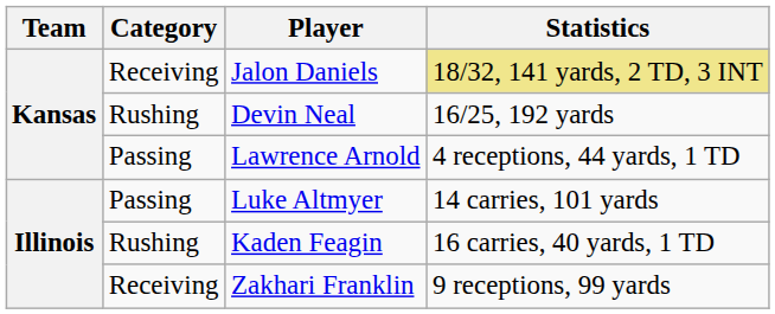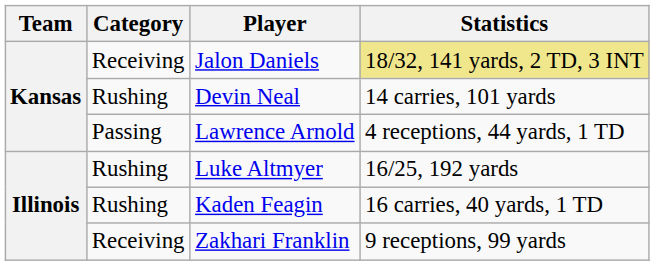 <table class="wikitable" style="float:right">
 <tr>
 <th>Team</th>
 <th>Category</th>
 <th>Player</th>
 <th>Statistics</th>
 </tr>
 <tr>
 <th rowspan=3>Kansas</th>
 <td>Receiving</td>
 <td><a href='#'>Jalon Daniels</a></td>
 <td style="background: khaki;">18/32, 141 yards, 2 TD, 3 INT</td>
 </tr>
 <tr>
 <td>Rushing</td>
 <td><a href='#'>Devin Neal</a></td>
-<td>16/25, 192 yards</td>
+<td>14 carries, 101 yards</td>
 </tr>
 <tr>
 <td>Passing</td>
 <td><a href='#'>Lawrence Arnold</a></td>
 <td>4 receptions, 44 yards, 1 TD</td>
 </tr>
 <tr>
 <th rowspan=3>Illinois</th>
-<td>Passing</td>
+<td>Rushing</td>
 <td><a href='#'>Luke Altmyer</a></td>
-<td>14 carries, 101 yards</td>
+<td>16/25, 192 yards</td>
 </tr>
 <tr>
 <td>Rushing</td>
 <td><a href='#'>Kaden Feagin</a></td>
 <td>16 carries, 40 yards, 1 TD</td>
 </tr>
 <tr>
 <td>Receiving</td>
 <td><a href='#'>Zakhari Franklin</a></td>
 <td>9 receptions, 99 yards</td>
 </tr>
 </table>
